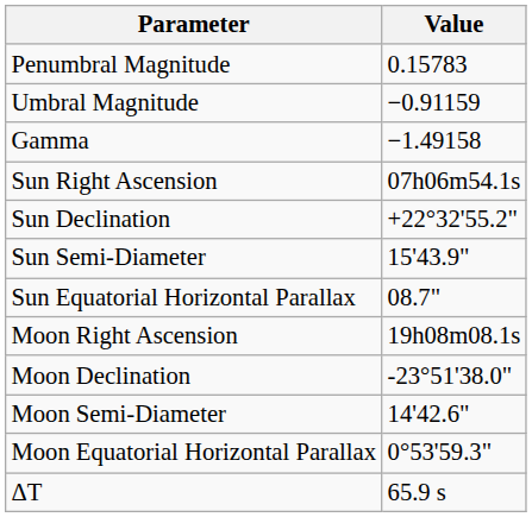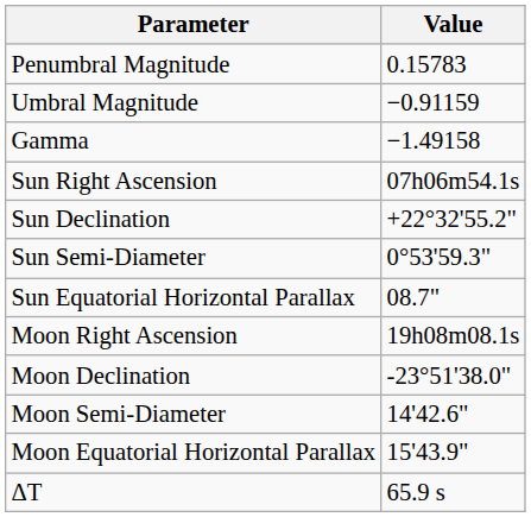 <table class="wikitable">
 <tr>
 <th>Parameter</th>
 <th>Value</th>
 </tr>
 <tr>
 <td>Penumbral Magnitude</td>
 <td>0.15783</td>
 </tr>
 <tr>
 <td>Umbral Magnitude</td>
 <td>−0.91159</td>
 </tr>
 <tr>
 <td>Gamma</td>
 <td>−1.49158</td>
 </tr>
 <tr>
 <td>Sun Right Ascension</td>
 <td>07h06m54.1s</td>
 </tr>
 <tr>
 <td>Sun Declination</td>
 <td>+22°32'55.2"</td>
 </tr>
 <tr>
 <td>Sun Semi-Diameter</td>
-<td>15'43.9"</td>
+<td>0°53'59.3"</td>
 </tr>
 <tr>
 <td>Sun Equatorial Horizontal Parallax</td>
 <td>08.7"</td>
 </tr>
 <tr>
 <td>Moon Right Ascension</td>
 <td>19h08m08.1s</td>
 </tr>
 <tr>
 <td>Moon Declination</td>
 <td>-23°51'38.0"</td>
 </tr>
 <tr>
 <td>Moon Semi-Diameter</td>
 <td>14'42.6"</td>
 </tr>
 <tr>
 <td>Moon Equatorial Horizontal Parallax</td>
-<td>0°53'59.3"</td>
+<td>15'43.9"</td>
 </tr>
 <tr>
 <td>ΔT</td>
 <td>65.9 s</td>
 </tr>
 </table>
